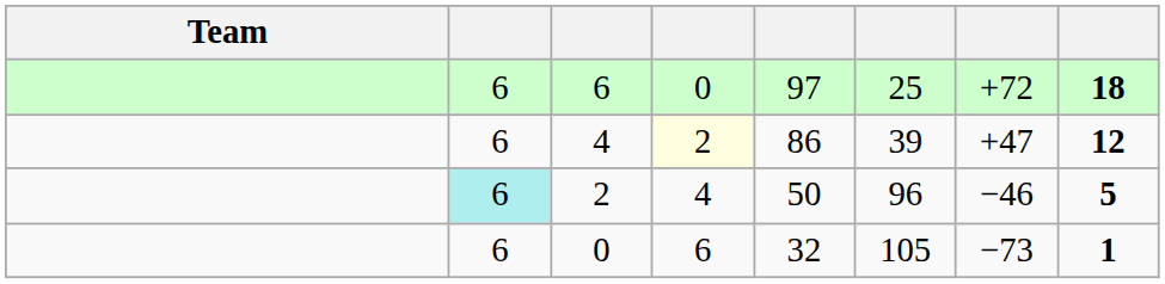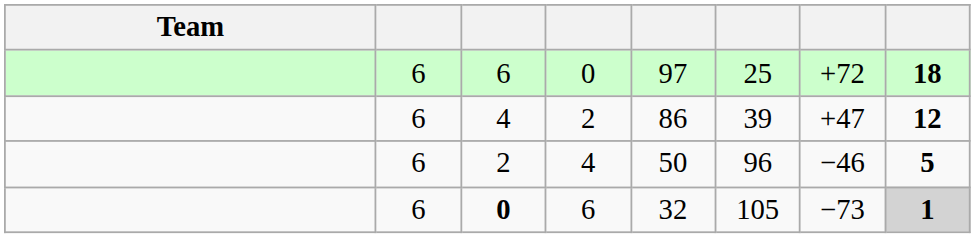 <table class=wikitable style="text-align:center">
 <tr>
 <th width=200>Team</th>
 <th width=40></th>
 <th width=40></th>
 <th width=40></th>
 <th width=40></th>
 <th width=40></th>
 <th width=40></th>
 <th width=40></th>
 </tr>
 <tr bgcolor=ccffcc>
 <td align=left></td>
 <td>6</td>
 <td>6</td>
 <td>0</td>
 <td>97</td>
 <td>25</td>
 <td>+72</td>
 <td><strong>18</strong></td>
 </tr>
 <tr>
 <td align=left></td>
 <td>6</td>
 <td>4</td>
-<td style="background: lightyellow;">2</td>
+<td>2</td>
 <td>86</td>
 <td>39</td>
 <td>+47</td>
 <td><strong>12</strong></td>
 </tr>
 <tr>
 <td align=left></td>
-<td style="background: paleturquoise;">6</td>
+<td>6</td>
 <td>2</td>
 <td>4</td>
 <td>50</td>
 <td>96</td>
 <td>−46</td>
 <td><strong>5</strong></td>
 </tr>
 <tr>
 <td align=left></td>
 <td>6</td>
-<td>0</td>
+<td><strong>0</strong></td>
 <td>6</td>
 <td>32</td>
 <td>105</td>
 <td>−73</td>
-<td><strong>1</strong></td>
+<td style="background: lightgrey;"><strong>1</strong></td>
 </tr>
 </table>
